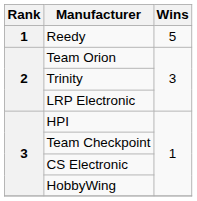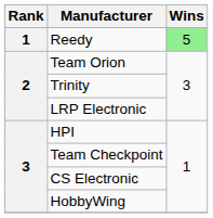 <table class="wikitable">
 <tr>
 <th>Rank</th>
 <th>Manufacturer</th>
 <th>Wins</th>
 </tr>
 <tr>
 <th>1</th>
 <td> Reedy</td>
-<td style="text-align:center;">5</td>
+<td style="background: lightgreen; text-align:center;">5</td>
 </tr>
 <tr>
 <th rowspan="3">2</th>
 <td> Team Orion</td>
 <td rowspan="3" style="text-align:center;">3</td>
 </tr>
 <tr>
 <td> Trinity</td>
 </tr>
 <tr>
 <td> LRP Electronic</td>
 </tr>
 <tr>
 <th rowspan="4">3</th>
 <td> HPI</td>
 <td rowspan="4" style="text-align:center;">1</td>
 </tr>
 <tr>
 <td> Team Checkpoint</td>
 </tr>
 <tr>
 <td> CS Electronic</td>
 </tr>
 <tr>
 <td> HobbyWing</td>
 </tr>
 <tr>
 </tr>
 </table>
